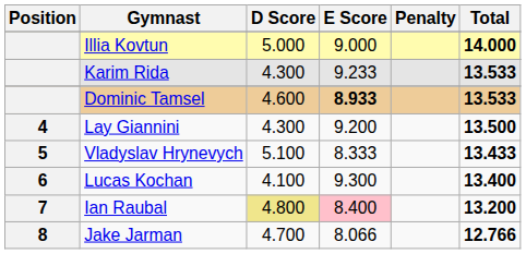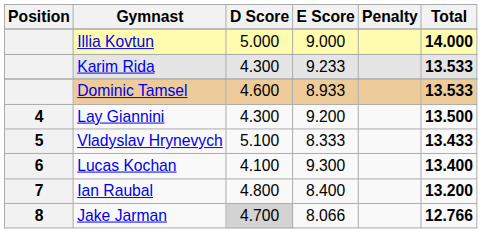 <table class="wikitable sortable" style="text-align:center;">
 <tr>
 <th>Position</th>
 <th>Gymnast</th>
 <th>D Score</th>
 <th>E Score</th>
 <th>Penalty</th>
 <th>Total</th>
 </tr>
 <tr>
 </tr>
 <tr style="background:#fffcaf;">
 <th scope="row" style="text-align:center"></th>
 <td style="text-align:left;"> <a href='#'>Illia Kovtun</a></td>
 <td>5.000</td>
 <td>9.000</td>
 <td></td>
 <td><strong>14.000</strong></td>
 </tr>
 <tr>
 </tr>
 <tr style="background:#e5e5e5;">
 <th scope="row" style="text-align:center"></th>
 <td style="text-align:left;"> <a href='#'>Karim Rida</a></td>
 <td>4.300</td>
 <td>9.233</td>
 <td></td>
 <td><strong>13.533</strong></td>
 </tr>
 <tr>
 </tr>
 <tr style="background:#ec9;">
 <th scope="row" style="text-align:center"></th>
 <td style="text-align:left;"> <a href='#'>Dominic Tamsel</a></td>
 <td>4.600</td>
-<td><strong>8.933</strong></td>
+<td>8.933</td>
 <td></td>
 <td><strong>13.533</strong></td>
 </tr>
 <tr>
 <th>4</th>
 <td style="text-align:left;"> <a href='#'>Lay Giannini</a></td>
 <td>4.300</td>
 <td>9.200</td>
 <td></td>
 <td><strong>13.500</strong></td>
 </tr>
 <tr>
 <th>5</th>
 <td style="text-align:left;"> <a href='#'>Vladyslav Hrynevych</a></td>
 <td>5.100</td>
 <td>8.333</td>
 <td></td>
 <td><strong>13.433</strong></td>
 </tr>
 <tr>
 <th>6</th>
 <td style="text-align:left;"> <a href='#'>Lucas Kochan</a></td>
 <td>4.100</td>
 <td>9.300</td>
 <td></td>
 <td><strong>13.400</strong></td>
 </tr>
 <tr>
 <th>7</th>
 <td style="text-align:left;"> <a href='#'>Ian Raubal</a></td>
-<td style="background: khaki;">4.800</td>
-<td style="background: pink;">8.400</td>
+<td>4.800</td>
+<td>8.400</td>
 <td></td>
 <td><strong>13.200</strong></td>
 </tr>
 <tr>
 <th>8</th>
 <td style="text-align:left;"> <a href='#'>Jake Jarman</a></td>
-<td>4.700</td>
+<td style="background: lightgrey;">4.700</td>
 <td>8.066</td>
 <td></td>
 <td><strong>12.766</strong></td>
 </tr>
 </table>
